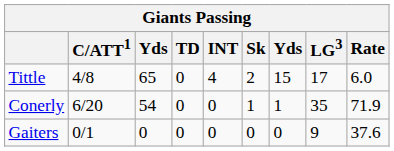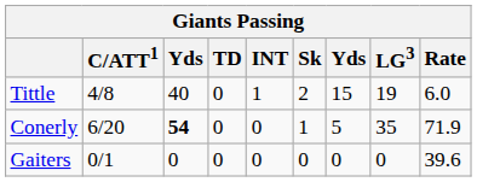 <table class="wikitable">
 <tr>
 <th colspan="9">Giants Passing</th>
 </tr>
 <tr>
 <th></th>
 <th>C/ATT<sup>1</sup></th>
 <th>Yds</th>
 <th>TD</th>
 <th>INT</th>
 <th>Sk</th>
 <th>Yds</th>
 <th>LG<sup>3</sup></th>
 <th>Rate</th>
 </tr>
 <tr>
 <td><a href='#'>Tittle</a></td>
 <td>4/8</td>
-<td>65</td>
+<td>40</td>
 <td>0</td>
-<td>4</td>
+<td>1</td>
 <td>2</td>
 <td>15</td>
-<td>17</td>
+<td>19</td>
 <td>6.0</td>
 </tr>
 <tr>
 <td><a href='#'>Conerly</a></td>
 <td>6/20</td>
-<td>54</td>
+<td><strong>54</strong></td>
 <td>0</td>
 <td>0</td>
 <td>1</td>
-<td>1</td>
+<td>5</td>
 <td>35</td>
 <td>71.9</td>
 </tr>
 <tr>
 <td><a href='#'>Gaiters</a></td>
 <td>0/1</td>
 <td>0</td>
 <td>0</td>
 <td>0</td>
 <td>0</td>
 <td>0</td>
-<td>9</td>
-<td>37.6</td>
+<td>0</td>
+<td>39.6</td>
 </tr>
 </table>
